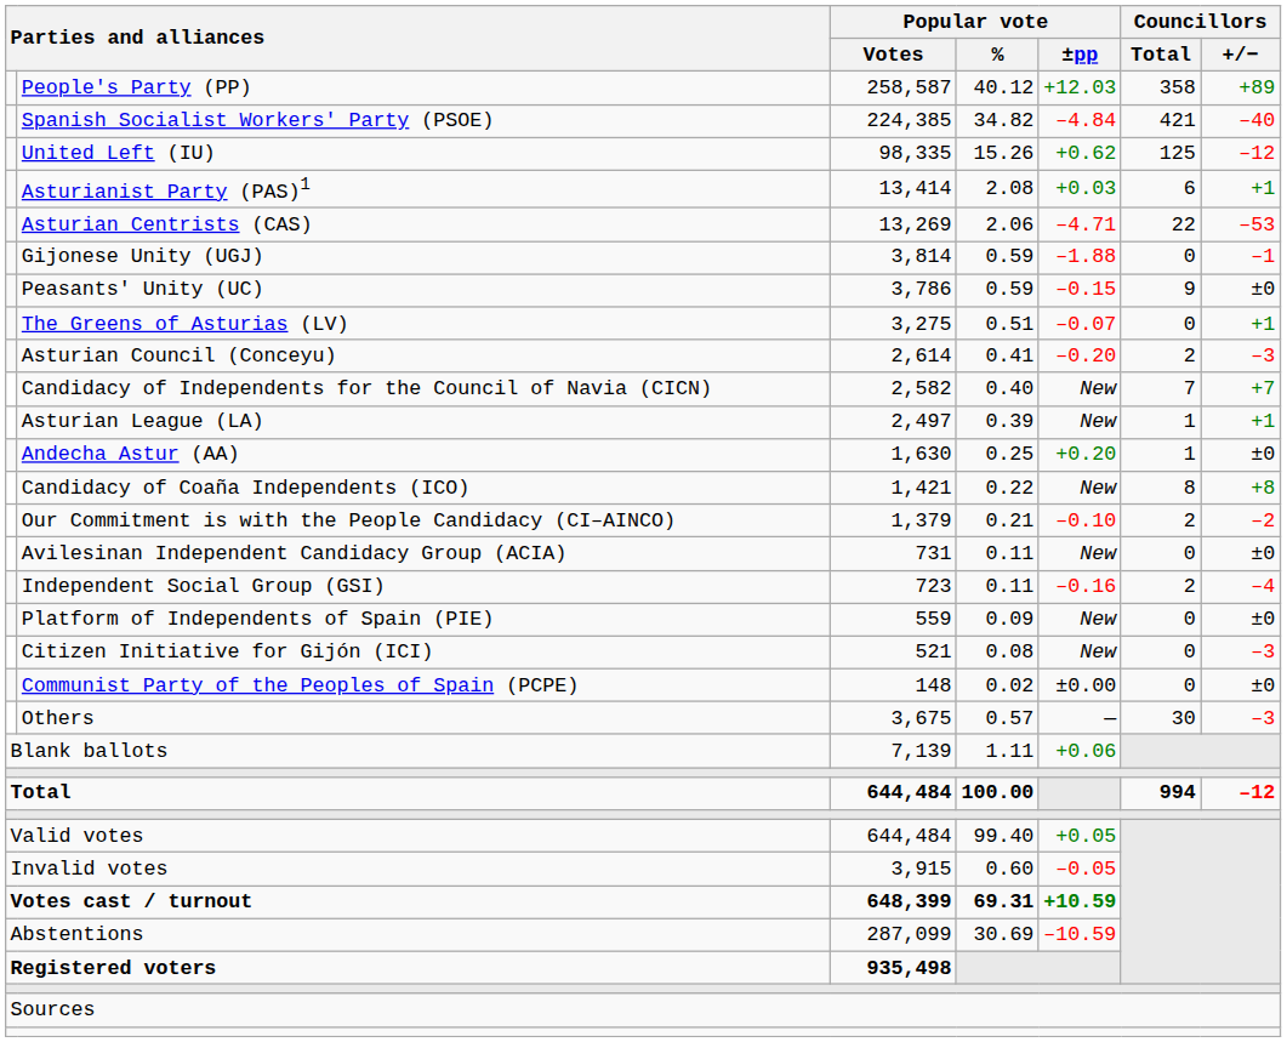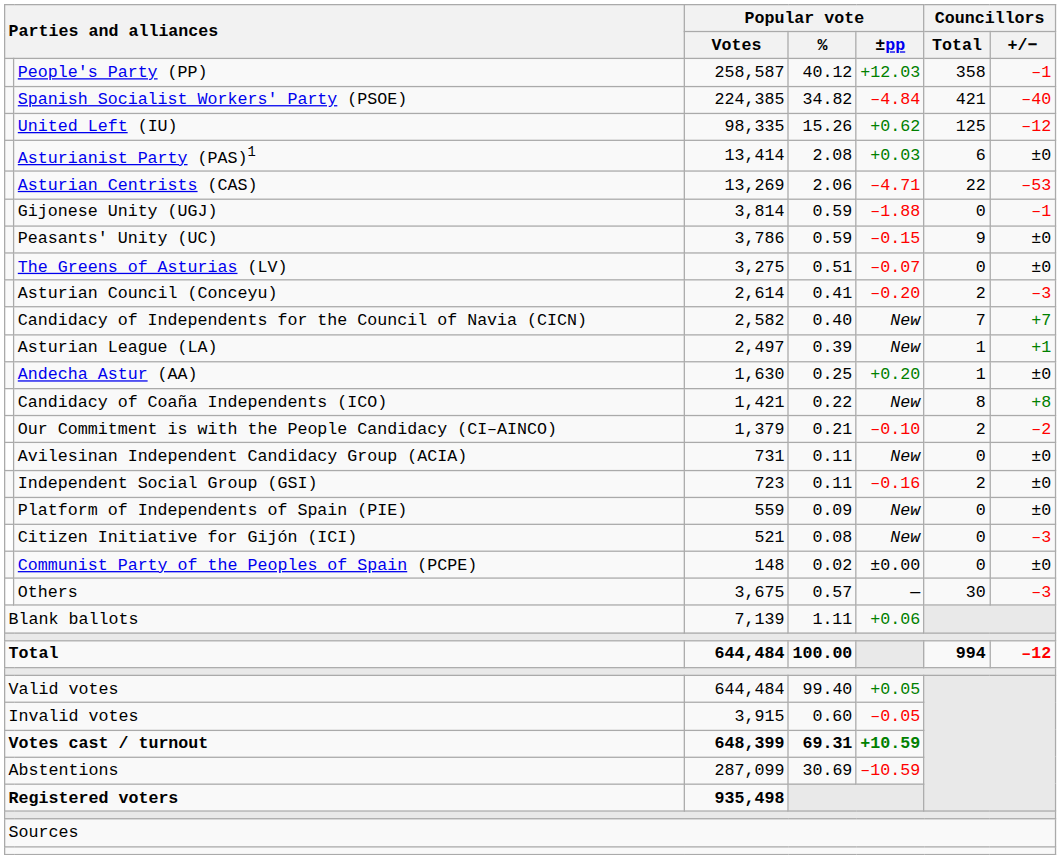 <table class="wikitable" style="text-align:right;">
 <tr>
 <th style="text-align:left;" rowspan="2" colspan="2" width="525">Parties and alliances</th>
 <th colspan="3">Popular vote</th>
 <th colspan="2">Councillors</th>
 </tr>
 <tr>
 <th width="75">Votes</th>
 <th width="45">%</th>
 <th width="45">±<a href='#'>pp</a></th>
 <th width="45">Total</th>
 <th width="45">+/−</th>
 </tr>
 <tr>
 <td width="1" style="color:inherit;background:"></td>
 <td align="left"><a href='#'>People's Party</a> (PP)</td>
 <td>258,587</td>
 <td>40.12</td>
 <td style="color:green;">+12.03</td>
 <td>358</td>
-<td style="color:green;">+89</td>
+<td style="color:red;">–1</td>
 </tr>
 <tr>
 <td style="color:inherit;background:"></td>
 <td align="left"><a href='#'>Spanish Socialist Workers' Party</a> (PSOE)</td>
 <td>224,385</td>
 <td>34.82</td>
 <td style="color:red;">–4.84</td>
 <td>421</td>
 <td style="color:red;">–40</td>
 </tr>
 <tr>
 <td style="color:inherit;background:"></td>
 <td align="left"><a href='#'>United Left</a> (IU)</td>
 <td>98,335</td>
 <td>15.26</td>
 <td style="color:green;">+0.62</td>
 <td>125</td>
 <td style="color:red;">–12</td>
 </tr>
 <tr>
 <td style="color:inherit;background:"></td>
 <td align="left"><a href='#'>Asturianist Party</a> (PAS)<sup>1</sup></td>
 <td>13,414</td>
 <td>2.08</td>
 <td style="color:green;">+0.03</td>
 <td>6</td>
-<td style="color:green;">+1</td>
+<td>±0</td>
 </tr>
 <tr>
 <td style="color:inherit;background:"></td>
 <td align="left"><a href='#'>Asturian Centrists</a> (CAS)</td>
 <td>13,269</td>
 <td>2.06</td>
 <td style="color:red;">–4.71</td>
 <td>22</td>
 <td style="color:red;">–53</td>
 </tr>
 <tr>
 <td style="color:inherit;background:"></td>
 <td align="left">Gijonese Unity (UGJ)</td>
 <td>3,814</td>
 <td>0.59</td>
 <td style="color:red;">–1.88</td>
 <td>0</td>
 <td style="color:red;">–1</td>
 </tr>
 <tr>
 <td style="color:inherit;background:"></td>
 <td align="left">Peasants' Unity (UC)</td>
 <td>3,786</td>
 <td>0.59</td>
 <td style="color:red;">–0.15</td>
 <td>9</td>
 <td>±0</td>
 </tr>
 <tr>
 <td style="color:inherit;background:"></td>
 <td align="left"><a href='#'>The Greens of Asturias</a> (LV)</td>
 <td>3,275</td>
 <td>0.51</td>
 <td style="color:red;">–0.07</td>
 <td>0</td>
-<td style="color:green;">+1</td>
+<td>±0</td>
 </tr>
 <tr>
 <td style="color:inherit;background:"></td>
 <td align="left">Asturian Council (Conceyu)</td>
 <td>2,614</td>
 <td>0.41</td>
 <td style="color:red;">–0.20</td>
 <td>2</td>
 <td style="color:red;">–3</td>
 </tr>
 <tr>
 <td bgcolor="white"></td>
 <td align="left">Candidacy of Independents for the Council of Navia (CICN)</td>
 <td>2,582</td>
 <td>0.40</td>
 <td><em>New</em></td>
 <td>7</td>
 <td style="color:green;">+7</td>
 </tr>
 <tr>
 <td bgcolor="white"></td>
 <td align="left">Asturian League (LA)</td>
 <td>2,497</td>
 <td>0.39</td>
 <td><em>New</em></td>
 <td>1</td>
 <td style="color:green;">+1</td>
 </tr>
 <tr>
 <td style="color:inherit;background:"></td>
 <td align="left"><a href='#'>Andecha Astur</a> (AA)</td>
 <td>1,630</td>
 <td>0.25</td>
 <td style="color:green;">+0.20</td>
 <td>1</td>
 <td>±0</td>
 </tr>
 <tr>
 <td bgcolor="white"></td>
 <td align="left">Candidacy of Coaña Independents (ICO)</td>
 <td>1,421</td>
 <td>0.22</td>
 <td><em>New</em></td>
 <td>8</td>
 <td style="color:green;">+8</td>
 </tr>
 <tr>
 <td bgcolor="white"></td>
 <td align="left">Our Commitment is with the People Candidacy (CI–AINCO)</td>
 <td>1,379</td>
 <td>0.21</td>
 <td style="color:red;">–0.10</td>
 <td>2</td>
 <td style="color:red;">–2</td>
 </tr>
 <tr>
 <td bgcolor="white"></td>
 <td align="left">Avilesinan Independent Candidacy Group (ACIA)</td>
 <td>731</td>
 <td>0.11</td>
 <td><em>New</em></td>
 <td>0</td>
 <td>±0</td>
 </tr>
 <tr>
 <td style="color:inherit;background:"></td>
 <td align="left">Independent Social Group (GSI)</td>
 <td>723</td>
 <td>0.11</td>
 <td style="color:red;">–0.16</td>
 <td>2</td>
-<td style="color:red;">–4</td>
+<td>±0</td>
 </tr>
 <tr>
 <td style="color:inherit;background:"></td>
 <td align="left">Platform of Independents of Spain (PIE)</td>
 <td>559</td>
 <td>0.09</td>
 <td><em>New</em></td>
 <td>0</td>
 <td>±0</td>
 </tr>
 <tr>
 <td bgcolor="white"></td>
 <td align="left">Citizen Initiative for Gijón (ICI)</td>
 <td>521</td>
 <td>0.08</td>
 <td><em>New</em></td>
 <td>0</td>
 <td style="color:red;">–3</td>
 </tr>
 <tr>
 <td style="color:inherit;background:"></td>
 <td align="left"><a href='#'>Communist Party of the Peoples of Spain</a> (PCPE)</td>
 <td>148</td>
 <td>0.02</td>
 <td>±0.00</td>
 <td>0</td>
 <td>±0</td>
 </tr>
 <tr>
 <td bgcolor="white"></td>
 <td align="left">Others</td>
 <td>3,675</td>
 <td>0.57</td>
 <td>—</td>
 <td>30</td>
 <td style="color:red;">–3</td>
 </tr>
 <tr>
 <td align="left" colspan="2">Blank ballots</td>
 <td>7,139</td>
 <td>1.11</td>
 <td style="color:green;">+0.06</td>
 <td bgcolor="#E9E9E9" colspan="2"></td>
 </tr>
 <tr>
 <td colspan="7" bgcolor="#E9E9E9"></td>
 </tr>
 <tr style="font-weight:bold;">
 <td align="left" colspan="2">Total</td>
 <td>644,484</td>
 <td>100.00</td>
 <td bgcolor="#E9E9E9"></td>
 <td>994</td>
 <td style="color:red;">–12</td>
 </tr>
 <tr>
 <td colspan="7" bgcolor="#E9E9E9"></td>
 </tr>
 <tr>
 <td align="left" colspan="2">Valid votes</td>
 <td>644,484</td>
 <td>99.40</td>
 <td style="color:green;">+0.05</td>
 <td bgcolor="#E9E9E9" colspan="2" rowspan="5"></td>
 </tr>
 <tr>
 <td align="left" colspan="2">Invalid votes</td>
 <td>3,915</td>
 <td>0.60</td>
 <td style="color:red;">–0.05</td>
 </tr>
 <tr style="font-weight:bold;">
 <td align="left" colspan="2">Votes cast / turnout</td>
 <td>648,399</td>
 <td>69.31</td>
 <td style="color:green;">+10.59</td>
 </tr>
 <tr>
 <td align="left" colspan="2">Abstentions</td>
 <td>287,099</td>
 <td>30.69</td>
 <td style="color:red;">–10.59</td>
 </tr>
 <tr style="font-weight:bold;">
 <td align="left" colspan="2">Registered voters</td>
 <td>935,498</td>
 <td bgcolor="#E9E9E9" colspan="2"></td>
 </tr>
 <tr>
 <td colspan="7" bgcolor="#E9E9E9"></td>
 </tr>
 <tr>
 <td align="left" colspan="7">Sources</td>
 </tr>
 <tr>
 <td colspan="7" style="text-align:left; max-width:790px;"></td>
 </tr>
 </table>
